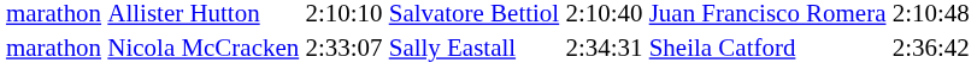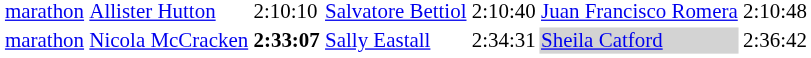 <table>
 <tr>
 <td><a href='#'>marathon</a></td>
 <td><a href='#'>Allister Hutton</a></td>
 <td>2:10:10</td>
 <td> <a href='#'>Salvatore Bettiol</a></td>
 <td>2:10:40</td>
 <td> <a href='#'>Juan Francisco Romera</a></td>
 <td>2:10:48</td>
 </tr>
 <tr>
 <td><a href='#'>marathon</a></td>
 <td><a href='#'>Nicola McCracken</a></td>
-<td>2:33:07</td>
+<td><strong>2:33:07</strong></td>
 <td><a href='#'>Sally Eastall</a></td>
 <td>2:34:31</td>
-<td> <a href='#'>Sheila Catford</a></td>
+<td style="background: lightgrey;"> <a href='#'>Sheila Catford</a></td>
 <td>2:36:42</td>
 </tr>
 </table>
